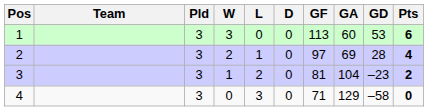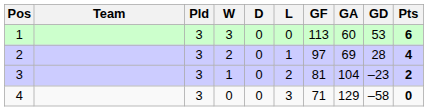 <table class="wikitable" style="text-align: center;">
 <tr>
 <th width="30">Pos</th>
 <th width="180">Team</th>
 <th width="30">Pld</th>
 <th width="30">W</th>
+<th width="30">D</th>
 <th width="30">L</th>
-<th width="30">D</th>
 <th width="30">GF</th>
 <th width="30">GA</th>
 <th width="30">GD</th>
 <th width="30">Pts</th>
 </tr>
 <tr bgcolor=#ccffcc>
 <td>1</td>
 <td align="left"></td>
 <td>3</td>
 <td>3</td>
 <td>0</td>
 <td>0</td>
 <td>113</td>
 <td>60</td>
 <td>53</td>
 <td><strong>6</strong></td>
 </tr>
 <tr bgcolor=#ccccff>
 <td>2</td>
 <td align="left"></td>
 <td>3</td>
 <td>2</td>
+<td>0</td>
 <td>1</td>
-<td>0</td>
 <td>97</td>
 <td>69</td>
 <td>28</td>
 <td><strong>4</strong></td>
 </tr>
 <tr bgcolor=#ccccff>
 <td>3</td>
 <td align="left"></td>
 <td>3</td>
 <td>1</td>
+<td>0</td>
 <td>2</td>
-<td>0</td>
 <td>81</td>
 <td>104</td>
 <td>–23</td>
 <td><strong>2</strong></td>
 </tr>
 <tr>
 <td>4</td>
 <td align="left"></td>
 <td>3</td>
 <td>0</td>
+<td>0</td>
 <td>3</td>
-<td>0</td>
 <td>71</td>
 <td>129</td>
 <td>–58</td>
 <td><strong>0</strong></td>
 </tr>
 </table>
